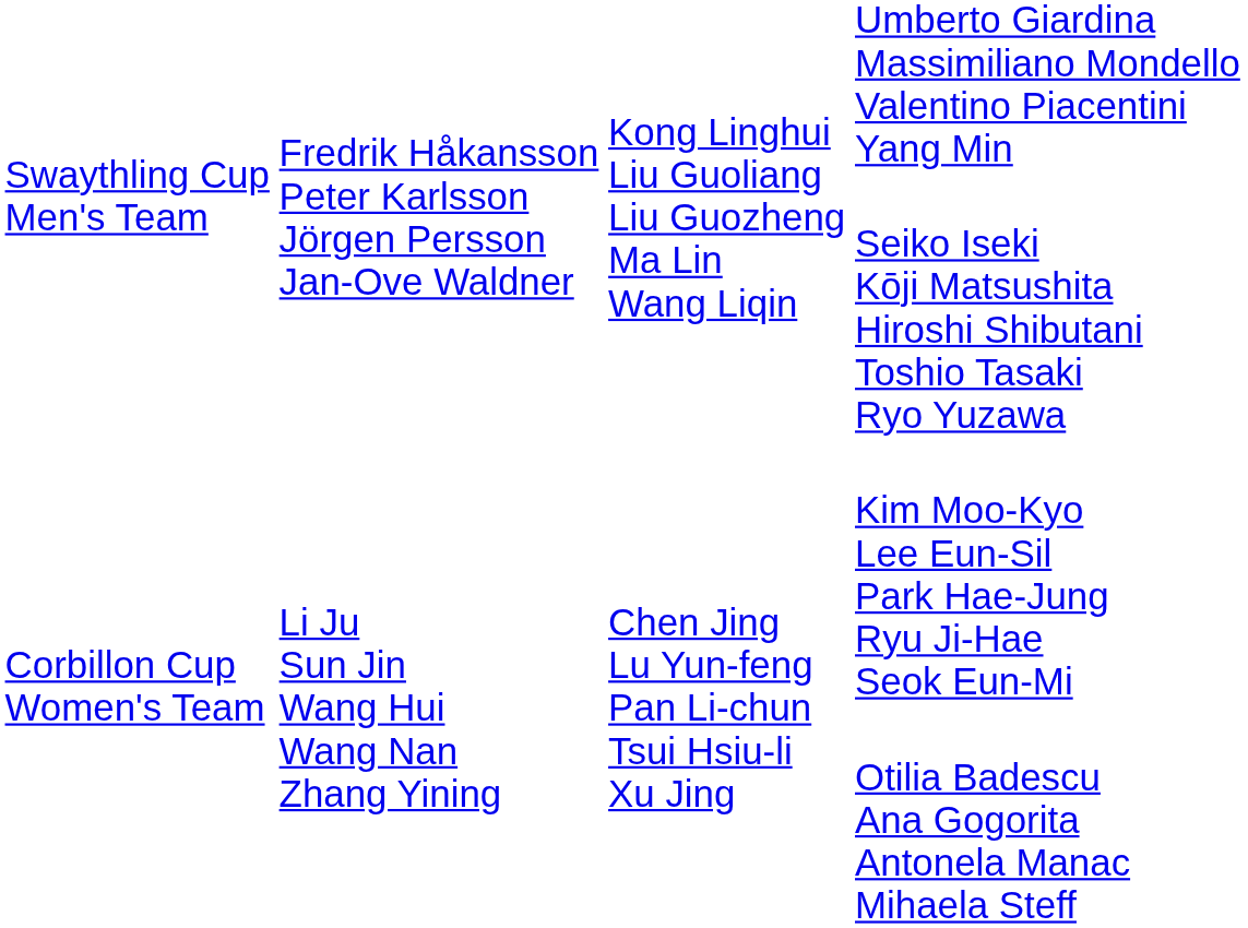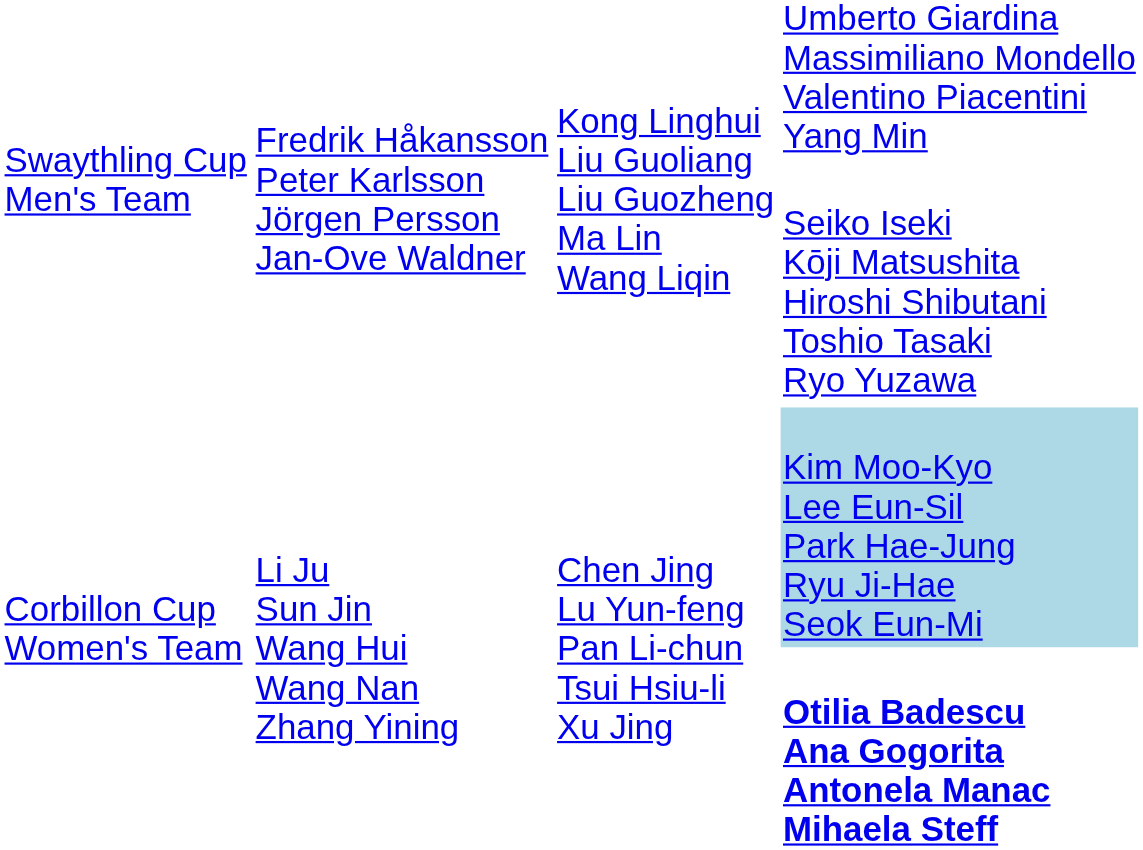 <table>
 <tr>
 <td rowspan=2><a href='#'>Swaythling Cup<br>Men's Team</a></td>
 <td rowspan=2><br><a href='#'>Fredrik Håkansson</a><br><a href='#'>Peter Karlsson</a><br><a href='#'>Jörgen Persson</a><br><a href='#'>Jan-Ove Waldner</a></td>
 <td rowspan=2><br><a href='#'>Kong Linghui</a><br><a href='#'>Liu Guoliang</a><br><a href='#'>Liu Guozheng</a><br><a href='#'>Ma Lin</a><br><a href='#'>Wang Liqin</a></td>
 <td><br><a href='#'>Umberto Giardina</a><br><a href='#'>Massimiliano Mondello</a><br><a href='#'>Valentino Piacentini</a><br><a href='#'>Yang Min</a></td>
 </tr>
 <tr>
 <td><br><a href='#'>Seiko Iseki</a><br><a href='#'>Kōji Matsushita</a><br><a href='#'>Hiroshi Shibutani</a><br><a href='#'>Toshio Tasaki</a><br><a href='#'>Ryo Yuzawa</a></td>
 </tr>
 <tr>
 <td rowspan=2><a href='#'>Corbillon Cup<br>Women's Team</a></td>
 <td rowspan=2><br><a href='#'>Li Ju</a><br><a href='#'>Sun Jin</a><br><a href='#'>Wang Hui</a><br><a href='#'>Wang Nan</a><br><a href='#'>Zhang Yining</a></td>
 <td rowspan=2><br><a href='#'>Chen Jing</a><br><a href='#'>Lu Yun-feng</a><br><a href='#'>Pan Li-chun</a><br><a href='#'>Tsui Hsiu-li</a><br><a href='#'>Xu Jing</a></td>
-<td><br><a href='#'>Kim Moo-Kyo</a><br><a href='#'>Lee Eun-Sil</a><br><a href='#'>Park Hae-Jung</a><br><a href='#'>Ryu Ji-Hae</a><br><a href='#'>Seok Eun-Mi</a></td>
+<td style="background: lightblue;"><br><a href='#'>Kim Moo-Kyo</a><br><a href='#'>Lee Eun-Sil</a><br><a href='#'>Park Hae-Jung</a><br><a href='#'>Ryu Ji-Hae</a><br><a href='#'>Seok Eun-Mi</a></td>
 </tr>
 <tr>
-<td><br><a href='#'>Otilia Badescu</a><br><a href='#'>Ana Gogorita</a><br><a href='#'>Antonela Manac</a><br><a href='#'>Mihaela Steff</a></td>
+<td><strong><br><a href='#'>Otilia Badescu</a><br><a href='#'>Ana Gogorita</a><br><a href='#'>Antonela Manac</a><br><a href='#'>Mihaela Steff</a></strong></td>
 </tr>
 </table>
